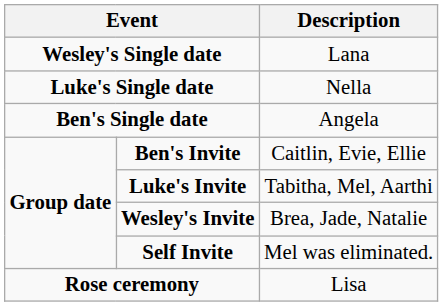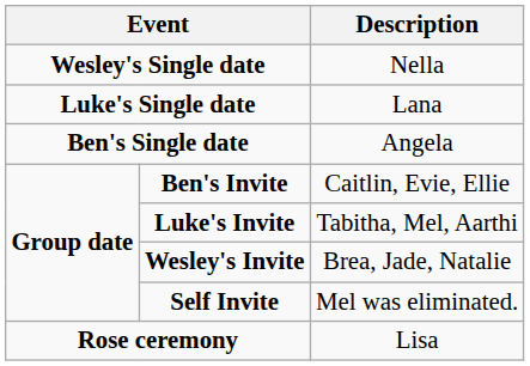 <table class="wikitable sortable" style="text-align:center;">
 <tr>
 <th colspan="2">Event</th>
 <th>Description</th>
 </tr>
 <tr>
 <td colspan="2"><strong>Wesley's Single date</strong></td>
-<td>Lana</td>
+<td>Nella</td>
 </tr>
 <tr>
 <td colspan="2"><strong>Luke's Single date</strong></td>
-<td>Nella</td>
+<td>Lana</td>
 </tr>
 <tr>
 <td colspan="2"><strong>Ben's Single date</strong></td>
 <td>Angela</td>
 </tr>
 <tr>
 <td rowspan="4"><strong>Group date</strong></td>
 <td><strong>Ben's Invite</strong></td>
 <td>Caitlin, Evie, Ellie</td>
 </tr>
 <tr>
 <td><strong>Luke's Invite</strong></td>
 <td>Tabitha, Mel, Aarthi</td>
 </tr>
 <tr>
 <td><strong>Wesley's Invite</strong></td>
 <td>Brea, Jade, Natalie</td>
 </tr>
 <tr>
 <td><strong>Self Invite</strong></td>
 <td>Mel was eliminated.</td>
 </tr>
 <tr>
 <td colspan="2"><strong>Rose ceremony</strong></td>
 <td>Lisa</td>
 </tr>
 </table>
